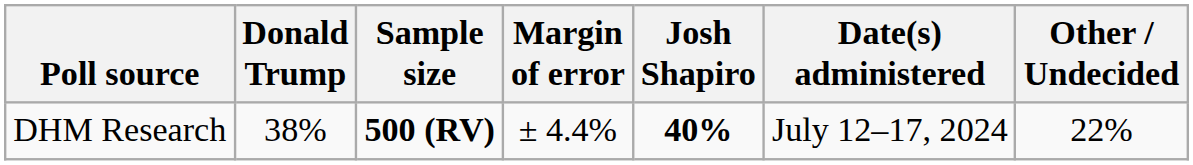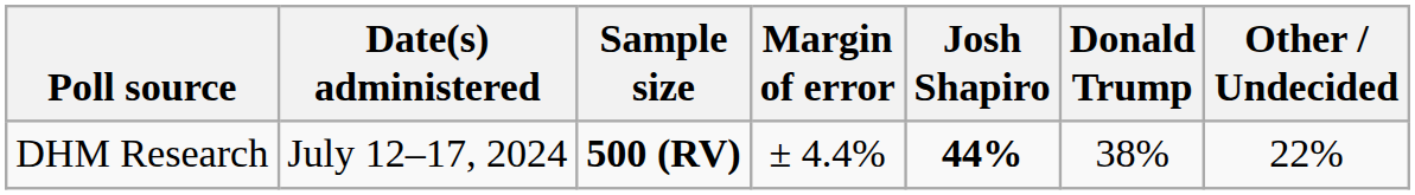 <table class="wikitable sortable mw-datatable" style="font-size:90%;text-align:center;line-height:17px">
 <tr valign=bottom>
 <th>Poll source</th>
-<th class="unsortable">Donald<br>Trump<br></th>
+<th>Date(s)<br>administered</th>
 <th>Sample<br>size</th>
 <th>Margin<br>of error</th>
 <th class="unsortable">Josh<br>Shapiro<br></th>
-<th>Date(s)<br>administered</th>
+<th class="unsortable">Donald<br>Trump<br></th>
 <th class="unsortable">Other /<br>Undecided</th>
 </tr>
 <tr>
 <td style="text-align:left;">DHM Research</td>
-<td>38%</td>
+<td data-sort-value="2024-08-16">July 12–17, 2024</td>
 <td><strong>500 (RV)</strong></td>
 <td>± 4.4%</td>
-<td style="color:black;background-color:"><strong>40%</strong></td>
-<td data-sort-value="2024-08-16">July 12–17, 2024</td>
+<td style="color:black;background-color:"><strong>44%</strong></td>
+<td>38%</td>
 <td>22%</td>
 </tr>
 </table>
